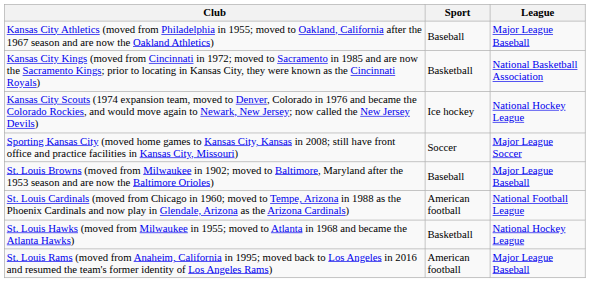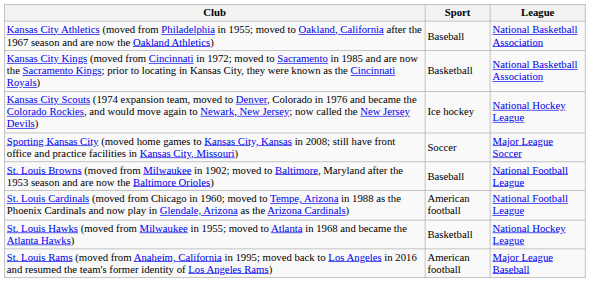 <table class="wikitable">
 <tr>
 <th>Club</th>
 <th>Sport</th>
 <th>League</th>
 </tr>
 <tr>
 <td><a href='#'>Kansas City Athletics</a> (moved from <a href='#'>Philadelphia</a> in 1955; moved to <a href='#'>Oakland, California</a> after the 1967 season and are now the <a href='#'>Oakland Athletics</a>)</td>
 <td>Baseball</td>
-<td><a href='#'>Major League Baseball</a></td>
+<td><a href='#'>National Basketball Association</a></td>
 </tr>
 <tr>
 <td><a href='#'>Kansas City Kings</a> (moved from <a href='#'>Cincinnati</a> in 1972; moved to <a href='#'>Sacramento</a> in 1985 and are now the <a href='#'>Sacramento Kings</a>; prior to locating in Kansas City, they were known as the <a href='#'>Cincinnati Royals</a>)</td>
 <td>Basketball</td>
 <td><a href='#'>National Basketball Association</a></td>
 </tr>
 <tr>
 <td><a href='#'>Kansas City Scouts</a> (1974 expansion team, moved to <a href='#'>Denver</a>, Colorado in 1976 and became the <a href='#'>Colorado Rockies</a>, and would move again to <a href='#'>Newark, New Jersey</a>; now called the <a href='#'>New Jersey Devils</a>)</td>
 <td>Ice hockey</td>
 <td><a href='#'>National Hockey League</a></td>
 </tr>
 <tr>
 <td><a href='#'>Sporting Kansas City</a> (moved home games to <a href='#'>Kansas City, Kansas</a> in 2008; still have front office and practice facilities in <a href='#'>Kansas City, Missouri</a>)</td>
 <td>Soccer</td>
 <td><a href='#'>Major League Soccer</a></td>
 </tr>
 <tr>
 <td><a href='#'>St. Louis Browns</a> (moved from <a href='#'>Milwaukee</a> in 1902; moved to <a href='#'>Baltimore</a>, Maryland after the 1953 season and are now the <a href='#'>Baltimore Orioles</a>)</td>
 <td>Baseball</td>
-<td><a href='#'>Major League Baseball</a></td>
+<td><a href='#'>National Football League</a></td>
 </tr>
 <tr>
 <td><a href='#'>St. Louis Cardinals</a> (moved from Chicago in 1960; moved to <a href='#'>Tempe, Arizona</a> in 1988 as the Phoenix Cardinals and now play in <a href='#'>Glendale, Arizona</a> as the <a href='#'>Arizona Cardinals</a>)</td>
 <td>American football</td>
 <td><a href='#'>National Football League</a></td>
 </tr>
 <tr>
 <td><a href='#'>St. Louis Hawks</a> (moved from <a href='#'>Milwaukee</a> in 1955; moved to <a href='#'>Atlanta</a> in 1968 and became the <a href='#'>Atlanta Hawks</a>)</td>
 <td>Basketball</td>
 <td><a href='#'>National Hockey League</a></td>
 </tr>
 <tr>
 <td><a href='#'>St. Louis Rams</a> (moved from <a href='#'>Anaheim, California</a> in 1995; moved back to <a href='#'>Los Angeles</a> in 2016 and resumed the team's former identity of <a href='#'>Los Angeles Rams</a>)</td>
 <td>American football</td>
 <td><a href='#'>Major League Baseball</a></td>
 </tr>
 </table>
